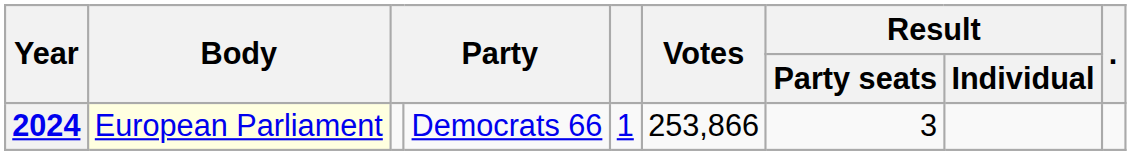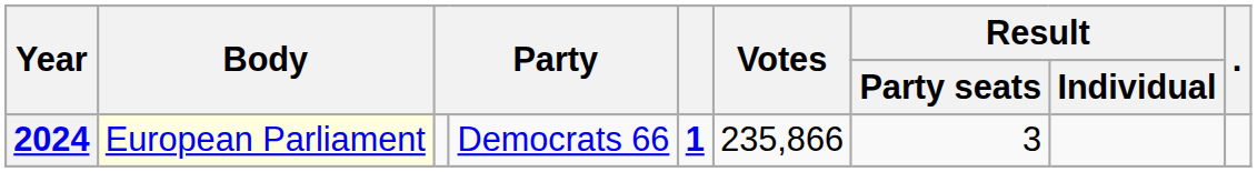 <table class="wikitable plainrowheaders sortable" border=2 cellpadding=4 cellspacing=0 style="border: 1px #aaa solid; font-size: 90%; text-align:center;">
 <tr>
 <th scope="col" rowspan=2>Year</th>
 <th scope="col" rowspan=2>Body</th>
 <th scope="col" colspan=2 rowspan=2>Party</th>
 <th scope="col" rowspan=2></th>
 <th scope="col" rowspan=2>Votes</th>
 <th scope="colgroup" colspan=2>Result</th>
 <th scope="col" rowspan=2>.</th>
 </tr>
 <tr>
 <th scope="col">Party seats</th>
 <th scope="col">Individual</th>
 </tr>
 <tr>
 <th scope="row"><a href='#'>2024</a></th>
 <td style="background: lightyellow;"><a href='#'>European Parliament</a></td>
 <td style="background-color:"></td>
 <td><a href='#'>Democrats 66</a></td>
-<td style=text-align:right><a href='#'>1</a></td>
-<td style=text-align:right>253,866</td>
+<td style=text-align:right><strong><a href='#'>1</a></strong></td>
+<td style=text-align:right>235,866</td>
 <td style=text-align:right>3</td>
 <td></td>
 <td></td>
 </tr>
 </table>
